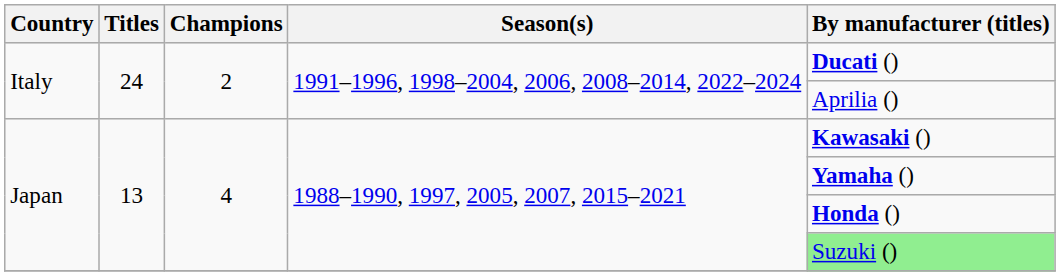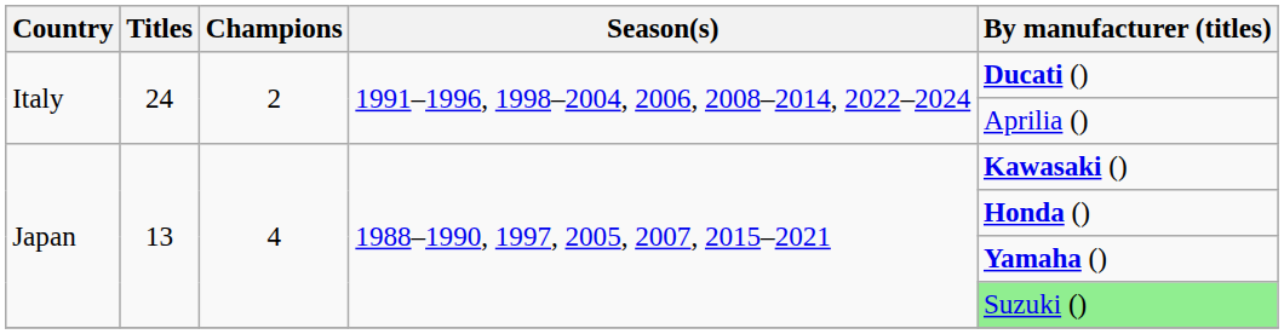 <table class="wikitable sortable" style="font-size:95%;">
 <tr>
 <th>Country</th>
 <th>Titles</th>
 <th>Champions</th>
 <th>Season(s)</th>
 <th>By manufacturer (titles)</th>
 </tr>
 <tr>
 <td rowspan=2> Italy</td>
 <td align=center rowspan=2>24</td>
 <td align=center rowspan=2>2</td>
 <td rowspan=2><a href='#'>1991</a>–<a href='#'>1996</a>, <a href='#'>1998</a>–<a href='#'>2004</a>, <a href='#'>2006</a>, <a href='#'>2008</a>–<a href='#'>2014</a>, <a href='#'>2022</a>–<a href='#'>2024</a></td>
 <td><strong><a href='#'>Ducati</a></strong>	()</td>
 </tr>
 <tr>
 <td><a href='#'>Aprilia</a> ()</td>
 </tr>
 <tr>
 <td rowspan=4> Japan</td>
 <td align=center rowspan=4>13</td>
 <td align=center rowspan=4>4</td>
 <td rowspan=4><a href='#'>1988</a>–<a href='#'>1990</a>, <a href='#'>1997</a>, <a href='#'>2005</a>, <a href='#'>2007</a>, <a href='#'>2015</a>–<a href='#'>2021</a></td>
 <td><strong><a href='#'>Kawasaki</a></strong> ()</td>
 </tr>
 <tr>
-<td><strong><a href='#'>Yamaha</a></strong> ()</td>
+<td><strong><a href='#'>Honda</a></strong> ()</td>
 </tr>
 <tr>
-<td><strong><a href='#'>Honda</a></strong> ()</td>
+<td><strong><a href='#'>Yamaha</a></strong> ()</td>
 </tr>
 <tr>
 <td style="background: lightgreen;"><a href='#'>Suzuki</a> ()</td>
 </tr>
 <tr>
 </tr>
 </table>
